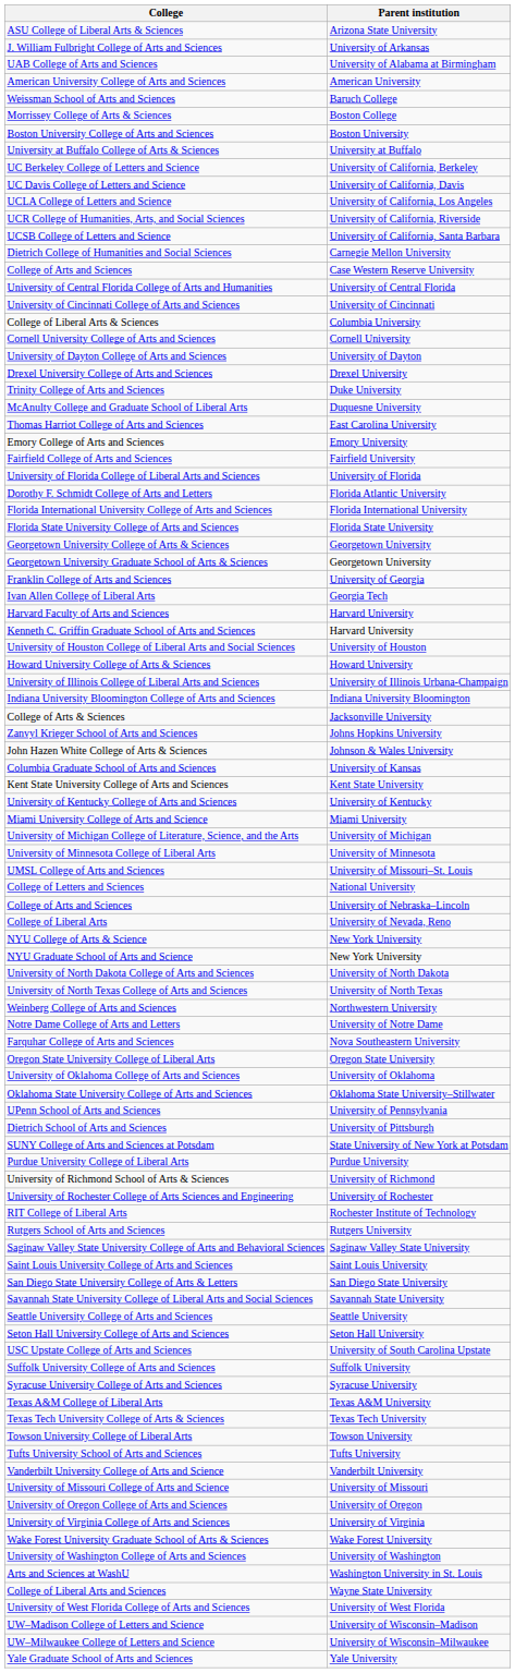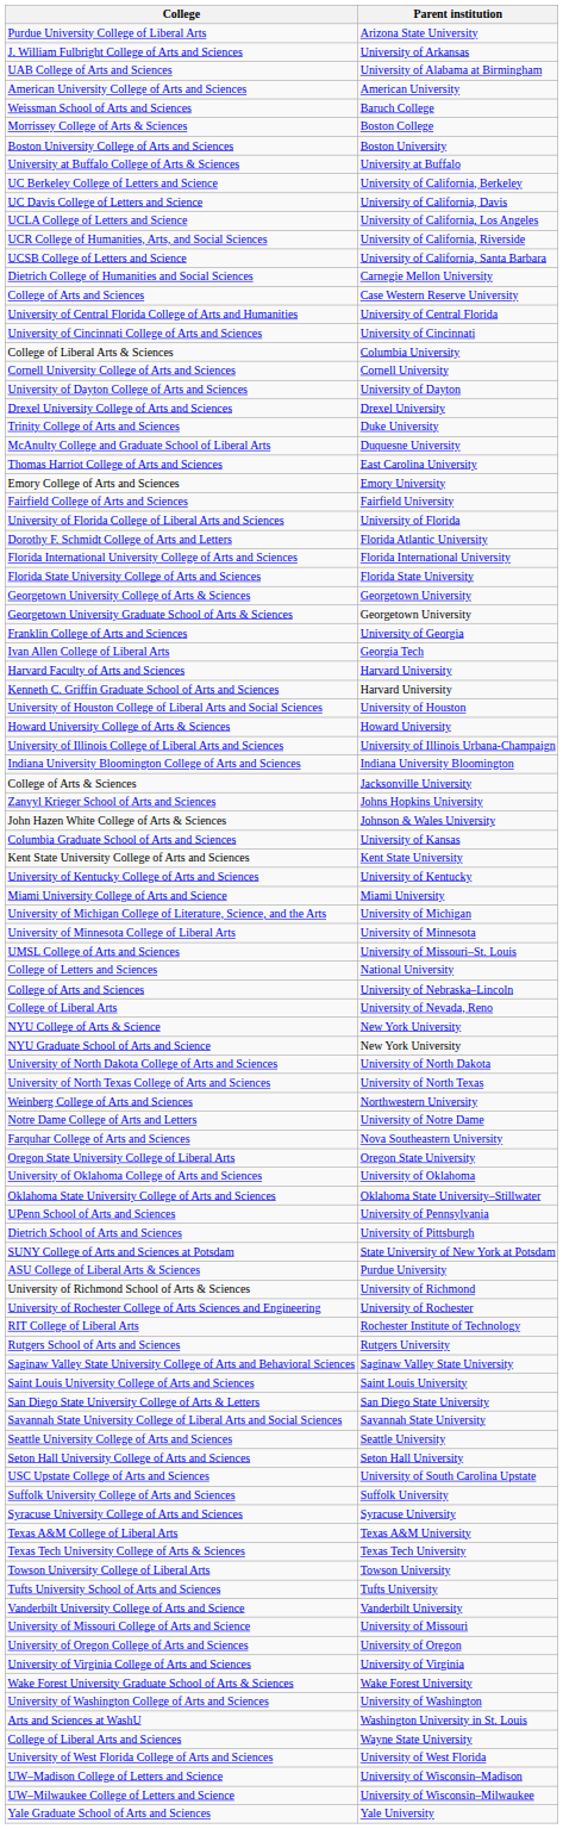 <table class="wikitable sortable">
 <tr>
 <th>College</th>
 <th>Parent institution</th>
 </tr>
 <tr>
-<td><a href='#'>ASU College of Liberal Arts & Sciences</a></td>
+<td><a href='#'>Purdue University College of Liberal Arts</a></td>
 <td><a href='#'>Arizona State University</a></td>
 </tr>
 <tr>
 <td><a href='#'>J. William Fulbright College of Arts and Sciences</a></td>
 <td><a href='#'>University of Arkansas</a></td>
 </tr>
 <tr>
 <td><a href='#'>UAB College of Arts and Sciences</a></td>
 <td><a href='#'>University of Alabama at Birmingham</a></td>
 </tr>
 <tr>
 <td><a href='#'>American University College of Arts and Sciences</a></td>
 <td><a href='#'>American University</a></td>
 </tr>
 <tr>
 <td><a href='#'>Weissman School of Arts and Sciences</a></td>
 <td><a href='#'>Baruch College</a></td>
 </tr>
 <tr>
 <td><a href='#'>Morrissey College of Arts & Sciences</a></td>
 <td><a href='#'>Boston College</a></td>
 </tr>
 <tr>
 <td><a href='#'>Boston University College of Arts and Sciences</a></td>
 <td><a href='#'>Boston University</a></td>
 </tr>
 <tr>
 <td><a href='#'>University at Buffalo College of Arts & Sciences</a></td>
 <td><a href='#'>University at Buffalo</a></td>
 </tr>
 <tr>
 <td><a href='#'>UC Berkeley College of Letters and Science</a></td>
 <td><a href='#'>University of California, Berkeley</a></td>
 </tr>
 <tr>
 <td><a href='#'>UC Davis College of Letters and Science</a></td>
 <td><a href='#'>University of California, Davis</a></td>
 </tr>
 <tr>
 <td><a href='#'>UCLA College of Letters and Science</a></td>
 <td><a href='#'>University of California, Los Angeles</a></td>
 </tr>
 <tr>
 <td><a href='#'>UCR College of Humanities, Arts, and Social Sciences</a></td>
 <td><a href='#'>University of California, Riverside</a></td>
 </tr>
 <tr>
 <td><a href='#'>UCSB College of Letters and Science</a></td>
 <td><a href='#'>University of California, Santa Barbara</a></td>
 </tr>
 <tr>
 <td><a href='#'>Dietrich College of Humanities and Social Sciences</a></td>
 <td><a href='#'>Carnegie Mellon University</a></td>
 </tr>
 <tr>
 <td><a href='#'>College of Arts and Sciences</a></td>
 <td><a href='#'>Case Western Reserve University</a></td>
 </tr>
 <tr>
 <td><a href='#'>University of Central Florida College of Arts and Humanities</a></td>
 <td><a href='#'>University of Central Florida</a></td>
 </tr>
 <tr>
 <td><a href='#'>University of Cincinnati College of Arts and Sciences</a></td>
 <td><a href='#'>University of Cincinnati</a></td>
 </tr>
 <tr>
 <td>College of Liberal Arts & Sciences</td>
 <td><a href='#'>Columbia University</a></td>
 </tr>
 <tr>
 <td><a href='#'>Cornell University College of Arts and Sciences</a></td>
 <td><a href='#'>Cornell University</a></td>
 </tr>
 <tr>
 <td><a href='#'>University of Dayton College of Arts and Sciences</a></td>
 <td><a href='#'>University of Dayton</a></td>
 </tr>
 <tr>
 <td><a href='#'>Drexel University College of Arts and Sciences</a></td>
 <td><a href='#'>Drexel University</a></td>
 </tr>
 <tr>
 <td><a href='#'>Trinity College of Arts and Sciences</a></td>
 <td><a href='#'>Duke University</a></td>
 </tr>
 <tr>
 <td><a href='#'>McAnulty College and Graduate School of Liberal Arts</a></td>
 <td><a href='#'>Duquesne University</a></td>
 </tr>
 <tr>
 <td><a href='#'>Thomas Harriot College of Arts and Sciences</a></td>
 <td><a href='#'>East Carolina University</a></td>
 </tr>
 <tr>
 <td>Emory College of Arts and Sciences</td>
 <td><a href='#'>Emory University</a></td>
 </tr>
 <tr>
 <td><a href='#'>Fairfield College of Arts and Sciences</a></td>
 <td><a href='#'>Fairfield University</a></td>
 </tr>
 <tr>
 <td><a href='#'>University of Florida College of Liberal Arts and Sciences</a></td>
 <td><a href='#'>University of Florida</a></td>
 </tr>
 <tr>
 <td><a href='#'>Dorothy F. Schmidt College of Arts and Letters</a></td>
 <td><a href='#'>Florida Atlantic University</a></td>
 </tr>
 <tr>
 <td><a href='#'>Florida International University College of Arts and Sciences</a></td>
 <td><a href='#'>Florida International University</a></td>
 </tr>
 <tr>
 <td><a href='#'>Florida State University College of Arts and Sciences</a></td>
 <td><a href='#'>Florida State University</a></td>
 </tr>
 <tr>
 <td><a href='#'>Georgetown University College of Arts & Sciences</a></td>
 <td><a href='#'>Georgetown University</a></td>
 </tr>
 <tr>
 <td><a href='#'>Georgetown University Graduate School of Arts & Sciences</a></td>
 <td>Georgetown University</td>
 </tr>
 <tr>
 <td><a href='#'>Franklin College of Arts and Sciences</a></td>
 <td><a href='#'>University of Georgia</a></td>
 </tr>
 <tr>
 <td><a href='#'>Ivan Allen College of Liberal Arts</a></td>
 <td><a href='#'>Georgia Tech</a></td>
 </tr>
 <tr>
 <td><a href='#'>Harvard Faculty of Arts and Sciences</a></td>
 <td><a href='#'>Harvard University</a></td>
 </tr>
 <tr>
 <td><a href='#'>Kenneth C. Griffin Graduate School of Arts and Sciences</a></td>
 <td>Harvard University</td>
 </tr>
 <tr>
 <td><a href='#'>University of Houston College of Liberal Arts and Social Sciences</a></td>
 <td><a href='#'>University of Houston</a></td>
 </tr>
 <tr>
 <td><a href='#'>Howard University College of Arts & Sciences</a></td>
 <td><a href='#'>Howard University</a></td>
 </tr>
 <tr>
 <td><a href='#'>University of Illinois College of Liberal Arts and Sciences</a></td>
 <td><a href='#'>University of Illinois Urbana-Champaign</a></td>
 </tr>
 <tr>
 <td><a href='#'>Indiana University Bloomington College of Arts and Sciences</a></td>
 <td><a href='#'>Indiana University Bloomington</a></td>
 </tr>
 <tr>
 <td>College of Arts & Sciences</td>
 <td><a href='#'>Jacksonville University</a></td>
 </tr>
 <tr>
 <td><a href='#'>Zanvyl Krieger School of Arts and Sciences</a></td>
 <td><a href='#'>Johns Hopkins University</a></td>
 </tr>
 <tr>
 <td>John Hazen White College of Arts & Sciences</td>
 <td><a href='#'>Johnson & Wales University</a></td>
 </tr>
 <tr>
 <td><a href='#'>Columbia Graduate School of Arts and Sciences</a></td>
 <td><a href='#'>University of Kansas</a></td>
 </tr>
 <tr>
 <td>Kent State University College of Arts and Sciences</td>
 <td><a href='#'>Kent State University</a></td>
 </tr>
 <tr>
 <td><a href='#'>University of Kentucky College of Arts and Sciences</a></td>
 <td><a href='#'>University of Kentucky</a></td>
 </tr>
 <tr>
 <td><a href='#'>Miami University College of Arts and Science</a></td>
 <td><a href='#'>Miami University</a></td>
 </tr>
 <tr>
 <td><a href='#'>University of Michigan College of Literature, Science, and the Arts</a></td>
 <td><a href='#'>University of Michigan</a></td>
 </tr>
 <tr>
 <td><a href='#'>University of Minnesota College of Liberal Arts</a></td>
 <td><a href='#'>University of Minnesota</a></td>
 </tr>
 <tr>
 <td><a href='#'>UMSL College of Arts and Sciences</a></td>
 <td><a href='#'>University of Missouri–St. Louis</a></td>
 </tr>
 <tr>
 <td><a href='#'>College of Letters and Sciences</a></td>
 <td><a href='#'>National University</a></td>
 </tr>
 <tr>
 <td><a href='#'>College of Arts and Sciences</a></td>
 <td><a href='#'>University of Nebraska–Lincoln</a></td>
 </tr>
 <tr>
 <td><a href='#'>College of Liberal Arts</a></td>
 <td><a href='#'>University of Nevada, Reno</a></td>
 </tr>
 <tr>
 <td><a href='#'>NYU College of Arts & Science</a></td>
 <td><a href='#'>New York University</a></td>
 </tr>
 <tr>
 <td><a href='#'>NYU Graduate School of Arts and Science</a></td>
 <td>New York University</td>
 </tr>
 <tr>
 <td><a href='#'>University of North Dakota College of Arts and Sciences</a></td>
 <td><a href='#'>University of North Dakota</a></td>
 </tr>
 <tr>
 <td><a href='#'>University of North Texas College of Arts and Sciences</a></td>
 <td><a href='#'>University of North Texas</a></td>
 </tr>
 <tr>
 <td><a href='#'>Weinberg College of Arts and Sciences</a></td>
 <td><a href='#'>Northwestern University</a></td>
 </tr>
 <tr>
 <td><a href='#'>Notre Dame College of Arts and Letters</a></td>
 <td><a href='#'>University of Notre Dame</a></td>
 </tr>
 <tr>
 <td><a href='#'>Farquhar College of Arts and Sciences</a></td>
 <td><a href='#'>Nova Southeastern University</a></td>
 </tr>
 <tr>
 <td><a href='#'>Oregon State University College of Liberal Arts</a></td>
 <td><a href='#'>Oregon State University</a></td>
 </tr>
 <tr>
 <td><a href='#'>University of Oklahoma College of Arts and Sciences</a></td>
 <td><a href='#'>University of Oklahoma</a></td>
 </tr>
 <tr>
 <td><a href='#'>Oklahoma State University College of Arts and Sciences</a></td>
 <td><a href='#'>Oklahoma State University–Stillwater</a></td>
 </tr>
 <tr>
 <td><a href='#'>UPenn School of Arts and Sciences</a></td>
 <td><a href='#'>University of Pennsylvania</a></td>
 </tr>
 <tr>
 <td><a href='#'>Dietrich School of Arts and Sciences</a></td>
 <td><a href='#'>University of Pittsburgh</a></td>
 </tr>
 <tr>
 <td><a href='#'>SUNY College of Arts and Sciences at Potsdam</a></td>
 <td><a href='#'>State University of New York at Potsdam</a></td>
 </tr>
 <tr>
-<td><a href='#'>Purdue University College of Liberal Arts</a></td>
+<td><a href='#'>ASU College of Liberal Arts & Sciences</a></td>
 <td><a href='#'>Purdue University</a></td>
 </tr>
 <tr>
 <td>University of Richmond School of Arts & Sciences</td>
 <td><a href='#'>University of Richmond</a></td>
 </tr>
 <tr>
 <td><a href='#'>University of Rochester College of Arts Sciences and Engineering</a></td>
 <td><a href='#'>University of Rochester</a></td>
 </tr>
 <tr>
 <td><a href='#'>RIT College of Liberal Arts</a></td>
 <td><a href='#'>Rochester Institute of Technology</a></td>
 </tr>
 <tr>
 <td><a href='#'>Rutgers School of Arts and Sciences</a></td>
 <td><a href='#'>Rutgers University</a></td>
 </tr>
 <tr>
 <td><a href='#'>Saginaw Valley State University College of Arts and Behavioral Sciences</a></td>
 <td><a href='#'>Saginaw Valley State University</a></td>
 </tr>
 <tr>
 <td><a href='#'>Saint Louis University College of Arts and Sciences</a></td>
 <td><a href='#'>Saint Louis University</a></td>
 </tr>
 <tr>
 <td><a href='#'>San Diego State University College of Arts & Letters</a></td>
 <td><a href='#'>San Diego State University</a></td>
 </tr>
 <tr>
 <td><a href='#'>Savannah State University College of Liberal Arts and Social Sciences</a></td>
 <td><a href='#'>Savannah State University</a></td>
 </tr>
 <tr>
 <td><a href='#'>Seattle University College of Arts and Sciences</a></td>
 <td><a href='#'>Seattle University</a></td>
 </tr>
 <tr>
 <td><a href='#'>Seton Hall University College of Arts and Sciences</a></td>
 <td><a href='#'>Seton Hall University</a></td>
 </tr>
 <tr>
 <td><a href='#'>USC Upstate College of Arts and Sciences</a></td>
 <td><a href='#'>University of South Carolina Upstate</a></td>
 </tr>
 <tr>
 <td><a href='#'>Suffolk University College of Arts and Sciences</a></td>
 <td><a href='#'>Suffolk University</a></td>
 </tr>
 <tr>
 <td><a href='#'>Syracuse University College of Arts and Sciences</a></td>
 <td><a href='#'>Syracuse University</a></td>
 </tr>
 <tr>
 <td><a href='#'>Texas A&M College of Liberal Arts</a></td>
 <td><a href='#'>Texas A&M University</a></td>
 </tr>
 <tr>
 <td><a href='#'>Texas Tech University College of Arts & Sciences</a></td>
 <td><a href='#'>Texas Tech University</a></td>
 </tr>
 <tr>
 <td><a href='#'>Towson University College of Liberal Arts</a></td>
 <td><a href='#'>Towson University</a></td>
 </tr>
 <tr>
 <td><a href='#'>Tufts University School of Arts and Sciences</a></td>
 <td><a href='#'>Tufts University</a></td>
 </tr>
 <tr>
 <td><a href='#'>Vanderbilt University College of Arts and Science</a></td>
 <td><a href='#'>Vanderbilt University</a></td>
 </tr>
 <tr>
 <td><a href='#'>University of Missouri College of Arts and Science</a></td>
 <td><a href='#'>University of Missouri</a></td>
 </tr>
 <tr>
 <td><a href='#'>University of Oregon College of Arts and Sciences</a></td>
 <td><a href='#'>University of Oregon</a></td>
 </tr>
 <tr>
 <td><a href='#'>University of Virginia College of Arts and Sciences</a></td>
 <td><a href='#'>University of Virginia</a></td>
 </tr>
 <tr>
 <td><a href='#'>Wake Forest University Graduate School of Arts & Sciences</a></td>
 <td><a href='#'>Wake Forest University</a></td>
 </tr>
 <tr>
 <td><a href='#'>University of Washington College of Arts and Sciences</a></td>
 <td><a href='#'>University of Washington</a></td>
 </tr>
 <tr>
 <td><a href='#'>Arts and Sciences at WashU</a></td>
 <td><a href='#'>Washington University in St. Louis</a></td>
 </tr>
 <tr>
 <td><a href='#'>College of Liberal Arts and Sciences</a></td>
 <td><a href='#'>Wayne State University</a></td>
 </tr>
 <tr>
 <td><a href='#'>University of West Florida College of Arts and Sciences</a></td>
 <td><a href='#'>University of West Florida</a></td>
 </tr>
 <tr>
 <td><a href='#'>UW–Madison College of Letters and Science</a></td>
 <td><a href='#'>University of Wisconsin–Madison</a></td>
 </tr>
 <tr>
 <td><a href='#'>UW–Milwaukee College of Letters and Science</a></td>
 <td><a href='#'>University of Wisconsin–Milwaukee</a></td>
 </tr>
 <tr>
 <td><a href='#'>Yale Graduate School of Arts and Sciences</a></td>
 <td><a href='#'>Yale University</a></td>
 </tr>
 </table>
